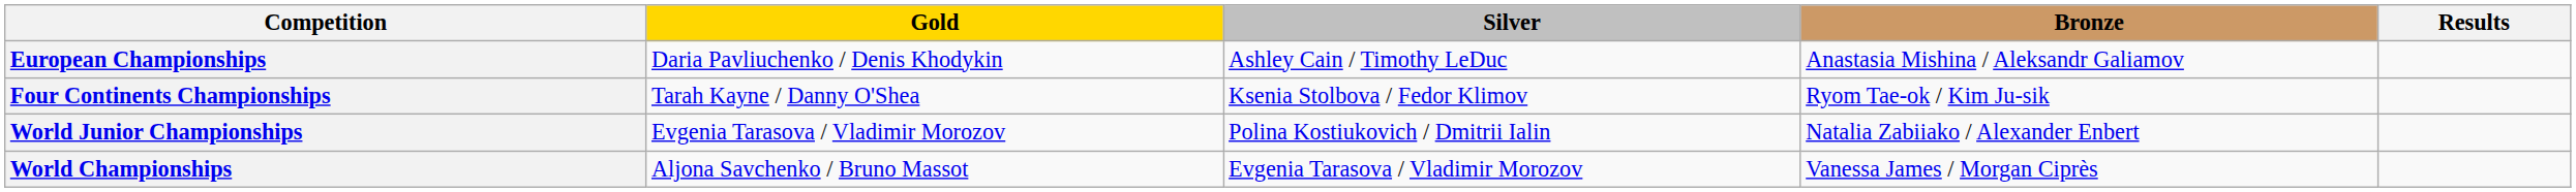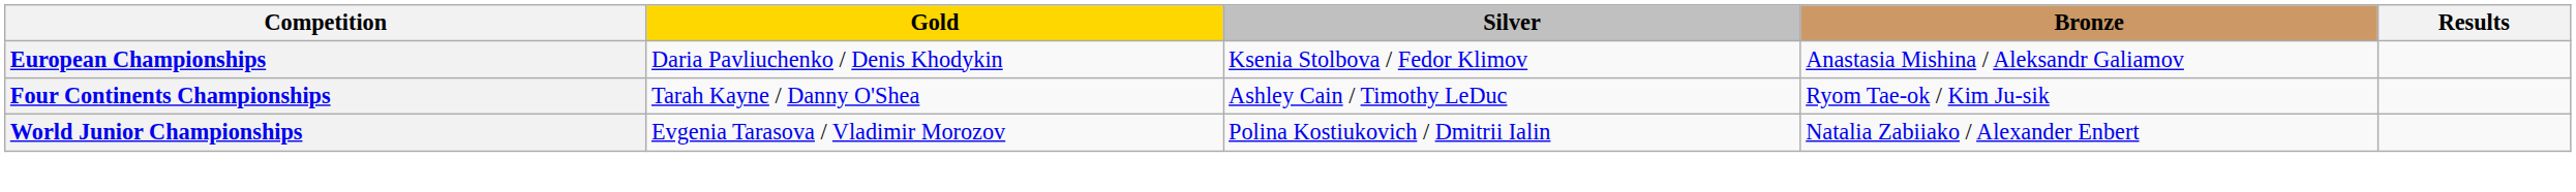 <table class="wikitable unsortable" style="text-align:left; width:90%">
 <tr>
 <th scope="col" style="text-align:center; width:25%;">Competition</th>
 <td scope="col" style="text-align:center; width:22.5%; background:gold"><strong>Gold</strong></td>
 <td scope="col" style="text-align:center; width:22.5%; background:silver"><strong>Silver</strong></td>
 <td scope="col" style="text-align:center; width:22.5%; background:#c96"><strong>Bronze</strong></td>
 <th scope="col" style="text-align:center; width:7.5%;">Results</th>
 </tr>
 <tr>
 <th scope="row" style="text-align:left"> <a href='#'>European Championships</a></th>
 <td> <a href='#'>Daria Pavliuchenko</a> / <a href='#'>Denis Khodykin</a></td>
-<td> <a href='#'>Ashley Cain</a> / <a href='#'>Timothy LeDuc</a></td>
+<td> <a href='#'>Ksenia Stolbova</a> / <a href='#'>Fedor Klimov</a></td>
 <td> <a href='#'>Anastasia Mishina</a> / <a href='#'>Aleksandr Galiamov</a></td>
 <td></td>
 </tr>
 <tr>
 <th scope="row" style="text-align:left"> <a href='#'>Four Continents Championships</a></th>
 <td> <a href='#'>Tarah Kayne</a> / <a href='#'>Danny O'Shea</a></td>
-<td> <a href='#'>Ksenia Stolbova</a> / <a href='#'>Fedor Klimov</a></td>
+<td> <a href='#'>Ashley Cain</a> / <a href='#'>Timothy LeDuc</a></td>
 <td> <a href='#'>Ryom Tae-ok</a> / <a href='#'>Kim Ju-sik</a></td>
 <td></td>
 </tr>
 <tr>
 <th scope="row" style="text-align:left"> <a href='#'>World Junior Championships</a></th>
 <td> <a href='#'>Evgenia Tarasova</a> / <a href='#'>Vladimir Morozov</a></td>
 <td> <a href='#'>Polina Kostiukovich</a> / <a href='#'>Dmitrii Ialin</a></td>
 <td> <a href='#'>Natalia Zabiiako</a> / <a href='#'>Alexander Enbert</a></td>
 <td></td>
 </tr>
-<tr>
-<th scope="row" style="text-align:left"> <a href='#'>World Championships</a></th>
-<td> <a href='#'>Aljona Savchenko</a> / <a href='#'>Bruno Massot</a></td>
-<td> <a href='#'>Evgenia Tarasova</a> / <a href='#'>Vladimir Morozov</a></td>
-<td> <a href='#'>Vanessa James</a> / <a href='#'>Morgan Ciprès</a></td>
-<td></td>
-</tr>
 </table>
